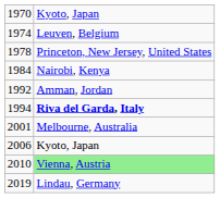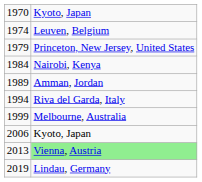 <table class="wikitable">
 <tr>
 <td>1970</td>
 <td><a href='#'>Kyoto</a>, <a href='#'>Japan</a></td>
 </tr>
 <tr>
 <td>1974</td>
 <td><a href='#'>Leuven</a>, <a href='#'>Belgium</a></td>
 </tr>
 <tr>
-<td>1978</td>
+<td>1979</td>
 <td><a href='#'>Princeton, New Jersey</a>, <a href='#'>United States</a></td>
 </tr>
 <tr>
 <td>1984</td>
 <td><a href='#'>Nairobi</a>, <a href='#'>Kenya</a></td>
 </tr>
 <tr>
-<td>1992</td>
+<td>1989</td>
 <td><a href='#'>Amman</a>, <a href='#'>Jordan</a></td>
 </tr>
 <tr>
 <td>1994</td>
-<td><strong><a href='#'>Riva del Garda</a>, <a href='#'>Italy</a></strong></td>
+<td><a href='#'>Riva del Garda</a>, <a href='#'>Italy</a></td>
 </tr>
 <tr>
-<td>2001</td>
+<td>1999</td>
 <td><a href='#'>Melbourne</a>, <a href='#'>Australia</a></td>
 </tr>
 <tr>
 <td>2006</td>
 <td>Kyoto, Japan</td>
 </tr>
 <tr>
-<td>2010</td>
+<td>2013</td>
 <td style="background: lightgreen;"><a href='#'>Vienna</a>, <a href='#'>Austria</a></td>
 </tr>
 <tr>
 <td>2019</td>
 <td><a href='#'>Lindau</a>, <a href='#'>Germany</a></td>
 </tr>
 </table>
